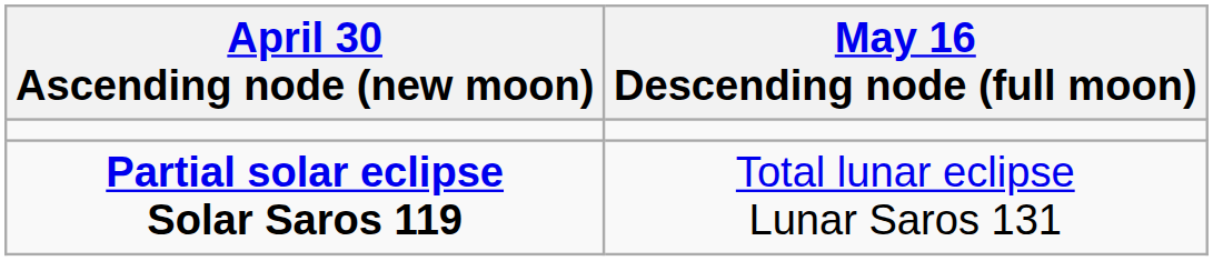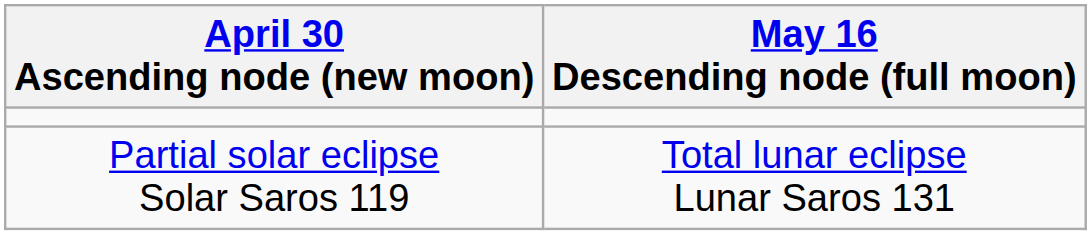 <table class="wikitable">
 <tr>
 <th><a href='#'>April 30</a><br>Ascending node (new moon)<br></th>
 <th><a href='#'>May 16</a><br>Descending node (full moon)<br></th>
 </tr>
 <tr>
 <td></td>
 <td></td>
 </tr>
 <tr align=center>
-<td><strong><a href='#'>Partial solar eclipse</a><br>Solar Saros 119</strong></td>
+<td><a href='#'>Partial solar eclipse</a><br>Solar Saros 119</td>
 <td><a href='#'>Total lunar eclipse</a><br>Lunar Saros 131</td>
 </tr>
 </table>
